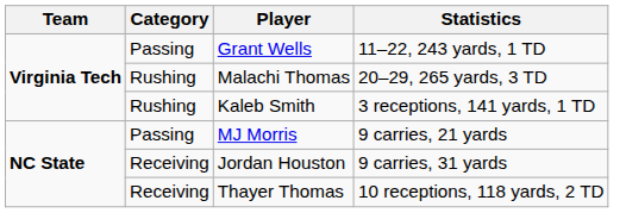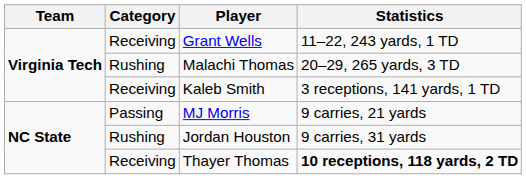 <table class="wikitable" style="float: left;">
 <tr>
 <th>Team</th>
 <th>Category</th>
 <th>Player</th>
 <th>Statistics</th>
 </tr>
 <tr>
 <td rowspan=3><strong>Virginia Tech</strong></td>
-<td>Passing</td>
+<td>Receiving</td>
 <td><a href='#'>Grant Wells</a></td>
 <td>11–22, 243 yards, 1 TD</td>
 </tr>
 <tr>
 <td>Rushing</td>
 <td>Malachi Thomas</td>
 <td>20–29, 265 yards, 3 TD</td>
 </tr>
 <tr>
-<td>Rushing</td>
+<td>Receiving</td>
 <td>Kaleb Smith</td>
 <td>3 receptions, 141 yards, 1 TD</td>
 </tr>
 <tr>
 <td rowspan=3><strong>NC State</strong></td>
 <td>Passing</td>
 <td><a href='#'>MJ Morris</a></td>
 <td>9 carries, 21 yards</td>
 </tr>
 <tr>
-<td>Receiving</td>
+<td>Rushing</td>
 <td>Jordan Houston</td>
 <td>9 carries, 31 yards</td>
 </tr>
 <tr>
 <td>Receiving</td>
 <td>Thayer Thomas</td>
-<td>10 receptions, 118 yards, 2 TD</td>
+<td><strong>10 receptions, 118 yards, 2 TD</strong></td>
 </tr>
 </table>
